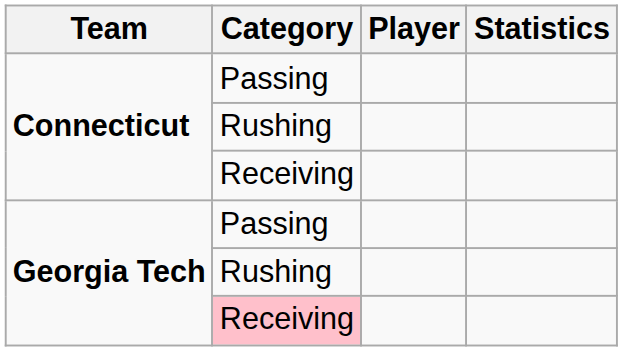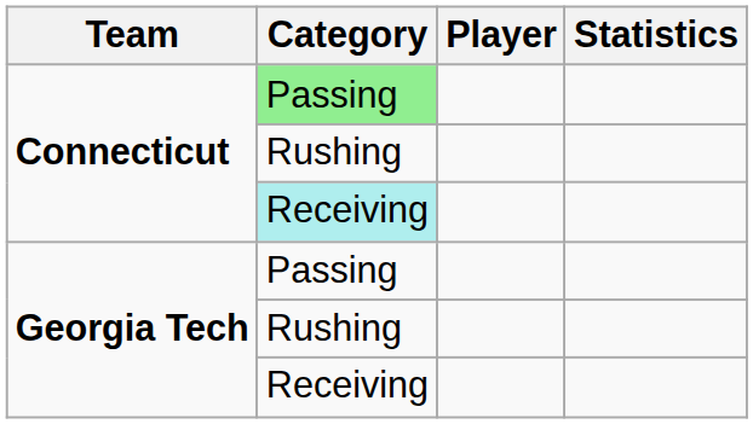 <table class="wikitable" style="float: right;">
 <tr>
 <th>Team</th>
 <th>Category</th>
 <th>Player</th>
 <th>Statistics</th>
 </tr>
 <tr>
 <td rowspan=3><strong>Connecticut</strong></td>
-<td>Passing</td>
+<td style="background: lightgreen;">Passing</td>
 <td></td>
 <td></td>
 </tr>
 <tr>
 <td>Rushing</td>
 <td></td>
 <td></td>
 </tr>
 <tr>
-<td>Receiving</td>
+<td style="background: paleturquoise;">Receiving</td>
 <td></td>
 <td></td>
 </tr>
 <tr>
 <td rowspan=3><strong>Georgia Tech</strong></td>
 <td>Passing</td>
 <td></td>
 <td></td>
 </tr>
 <tr>
 <td>Rushing</td>
 <td></td>
 <td></td>
 </tr>
 <tr>
-<td style="background: pink;">Receiving</td>
+<td>Receiving</td>
 <td></td>
 <td></td>
 </tr>
 </table>
